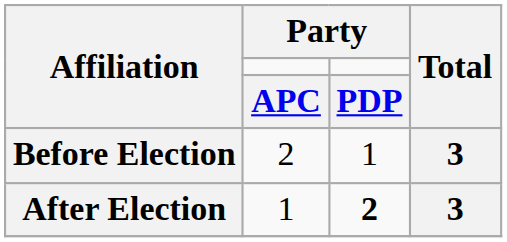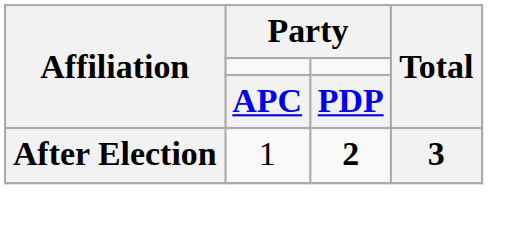 <table class="wikitable" style="text-align:center">
 <tr>
 <th rowspan="3">Affiliation</th>
 <th colspan="2">Party</th>
 <th rowspan="3">Total</th>
 </tr>
 <tr>
 <td style="background-color:"></td>
 <td style="background-color:"></td>
 </tr>
 <tr>
 <th><a href='#'>APC</a></th>
 <th><a href='#'>PDP</a></th>
 </tr>
 <tr>
-<th>Before Election</th>
-<td>2</td>
-<td>1</td>
-<th>3</th>
-</tr>
-<tr>
 <th>After Election</th>
 <td>1</td>
 <td><strong>2</strong></td>
 <th>3</th>
 </tr>
 <tr>
 </tr>
 </table>
